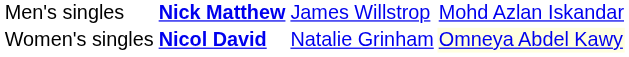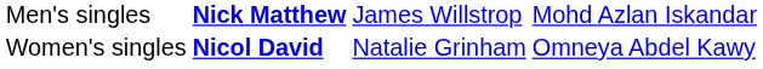 <table>
 <tr>
 <td>Men's singles<br></td>
 <td> <strong><a href='#'>Nick Matthew</a></strong></td>
 <td> <a href='#'>James Willstrop</a></td>
 <td> <a href='#'>Mohd Azlan Iskandar</a></td>
 </tr>
 <tr>
 <td>Women's singles<br></td>
 <td> <strong><a href='#'>Nicol David</a></strong></td>
 <td> <a href='#'>Natalie Grinham</a></td>
-<td style="background: lightyellow;"> <a href='#'>Omneya Abdel Kawy</a></td>
+<td> <a href='#'>Omneya Abdel Kawy</a></td>
 </tr>
 </table>
